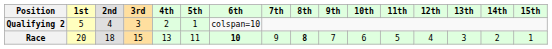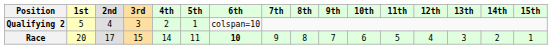 <table class="wikitable" style="font-size:80%; text-align:center">
 <tr>
 <th>Position</th>
 <td style="background:#ffffbf;"> <strong>1st</strong> </td>
 <td style="background:#dfdfdf;"> <strong>2nd</strong> </td>
 <td style="background:#ffdf9f;"> <strong>3rd</strong> </td>
 <td style="background:#dfffdf;"> <strong>4th</strong> </td>
 <td style="background:#dfffdf;"> <strong>5th</strong> </td>
 <td style="background:#dfffdf;"> <strong>6th</strong> </td>
 <td style="background:#dfffdf;"> <strong>7th</strong> </td>
 <td style="background:#dfffdf;"> <strong>8th</strong> </td>
 <td style="background:#dfffdf;"> <strong>9th</strong> </td>
 <td style="background:#dfffdf;"> <strong>10th</strong> </td>
 <td style="background:#dfffdf;"> <strong>11th</strong> </td>
 <td style="background:#dfffdf;"> <strong>12th</strong> </td>
 <td style="background:#dfffdf;"> <strong>13th</strong> </td>
 <td style="background:#dfffdf;"> <strong>14th</strong> </td>
 <td style="background:#dfffdf;"> <strong>15th</strong> </td>
 </tr>
 <tr>
 <th>Qualifying 2</th>
 <td style="background:#ffffbf;">5</td>
 <td style="background:#dfdfdf;">4</td>
 <td style="background:#ffdf9f;">3</td>
 <td style="background:#dfffdf;">2</td>
 <td style="background:#dfffdf;">1</td>
 <td>colspan=10 </td>
 </tr>
 <tr>
 <th>Race</th>
 <td style="background:#ffffbf;">20</td>
-<td style="background:#dfdfdf;">18</td>
+<td style="background:#dfdfdf;">17</td>
 <td style="background:#ffdf9f;">15</td>
-<td style="background:#dfffdf;">13</td>
+<td style="background:#dfffdf;">14</td>
 <td style="background:#dfffdf;">11</td>
 <td style="background:#dfffdf;"><strong>10</strong></td>
 <td style="background:#dfffdf;">9</td>
-<td style="background:#dfffdf;"><strong>8</strong></td>
+<td style="background:#dfffdf;">8</td>
 <td style="background:#dfffdf;">7</td>
 <td style="background:#dfffdf;">6</td>
 <td style="background:#dfffdf;">5</td>
 <td style="background:#dfffdf;">4</td>
 <td style="background:#dfffdf;">3</td>
 <td style="background:#dfffdf;">2</td>
 <td style="background:#dfffdf;">1</td>
 </tr>
 </table>
